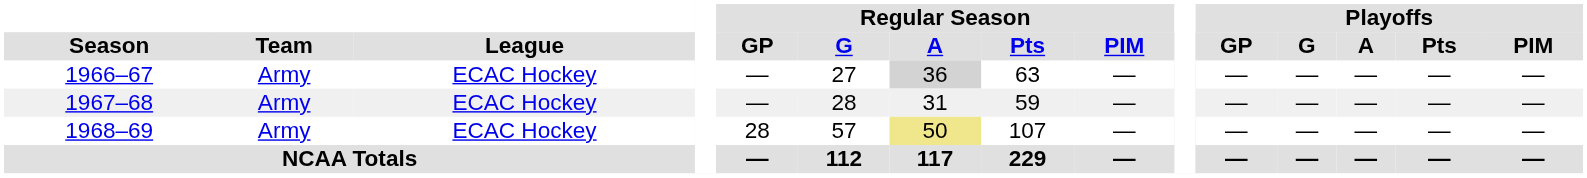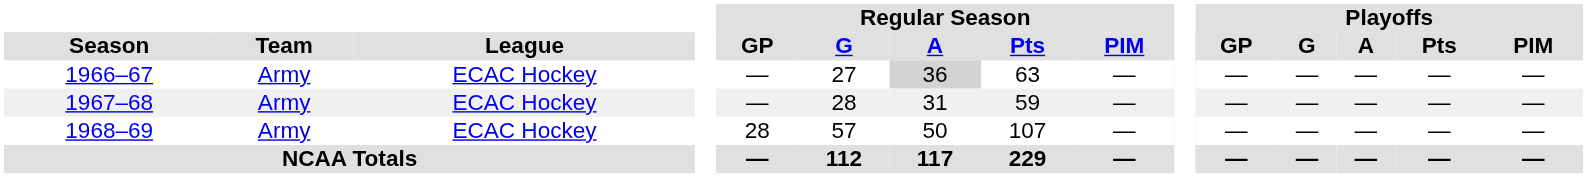 <table border="0" cellpadding="1" cellspacing="0" style="text-align:center; width:70em">
 <tr bgcolor="#e0e0e0">
 <th colspan="3"  bgcolor="#ffffff"> </th>
 <th rowspan="99" bgcolor="#ffffff"> </th>
 <th colspan="5">Regular Season</th>
 <th rowspan="99" bgcolor="#ffffff"> </th>
 <th colspan="5">Playoffs</th>
 </tr>
 <tr bgcolor="#e0e0e0">
 <th>Season</th>
 <th>Team</th>
 <th>League</th>
 <th>GP</th>
 <th><a href='#'>G</a></th>
 <th><a href='#'>A</a></th>
 <th><a href='#'>Pts</a></th>
 <th><a href='#'>PIM</a></th>
 <th>GP</th>
 <th>G</th>
 <th>A</th>
 <th>Pts</th>
 <th>PIM</th>
 </tr>
 <tr>
 <td><a href='#'>1966–67</a></td>
 <td><a href='#'>Army</a></td>
 <td><a href='#'>ECAC Hockey</a></td>
 <td>—</td>
 <td>27</td>
 <td style="background: lightgrey;">36</td>
 <td>63</td>
 <td>—</td>
 <td>—</td>
 <td>—</td>
 <td>—</td>
 <td>—</td>
 <td>—</td>
 </tr>
 <tr bgcolor=f0f0f0>
 <td><a href='#'>1967–68</a></td>
 <td><a href='#'>Army</a></td>
 <td><a href='#'>ECAC Hockey</a></td>
 <td>—</td>
 <td>28</td>
 <td>31</td>
 <td>59</td>
 <td>—</td>
 <td>—</td>
 <td>—</td>
 <td>—</td>
 <td>—</td>
 <td>—</td>
 </tr>
 <tr>
 <td><a href='#'>1968–69</a></td>
 <td><a href='#'>Army</a></td>
 <td><a href='#'>ECAC Hockey</a></td>
 <td>28</td>
 <td>57</td>
-<td style="background: khaki;">50</td>
+<td>50</td>
 <td>107</td>
 <td>—</td>
 <td>—</td>
 <td>—</td>
 <td>—</td>
 <td>—</td>
 <td>—</td>
 </tr>
 <tr bgcolor="#e0e0e0">
 <th colspan="3">NCAA Totals</th>
 <th>—</th>
 <th>112</th>
 <th>117</th>
 <th>229</th>
 <th>—</th>
 <th>—</th>
 <th>—</th>
 <th>—</th>
 <th>—</th>
 <th>—</th>
 </tr>
 </table>
